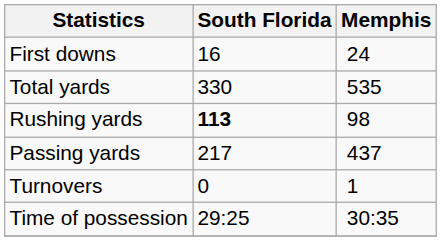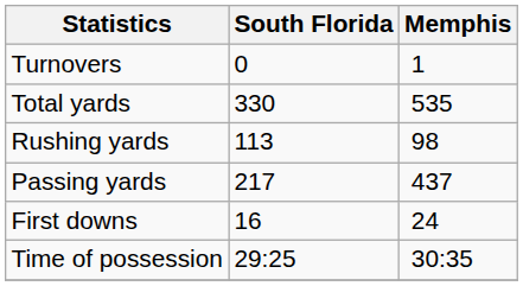 <table class="wikitable">
 <tr>
 <th>Statistics</th>
 <th>South Florida</th>
 <th>Memphis</th>
 </tr>
 <tr>
-<td>First downs</td>
-<td>16</td>
-<td> 24</td>
+<td>Turnovers</td>
+<td>0</td>
+<td> 1</td>
 </tr>
 <tr>
 <td>Total yards</td>
 <td>330</td>
 <td> 535</td>
 </tr>
 <tr>
 <td>Rushing yards</td>
-<td><strong>113</strong></td>
+<td>113</td>
 <td> 98</td>
 </tr>
 <tr>
 <td>Passing yards</td>
 <td>217</td>
 <td> 437</td>
 </tr>
 <tr>
-<td>Turnovers</td>
-<td>0</td>
-<td> 1</td>
+<td>First downs</td>
+<td>16</td>
+<td> 24</td>
 </tr>
 <tr>
 <td>Time of possession</td>
 <td>29:25</td>
 <td> 30:35</td>
 </tr>
 <tr>
 </tr>
 </table>
